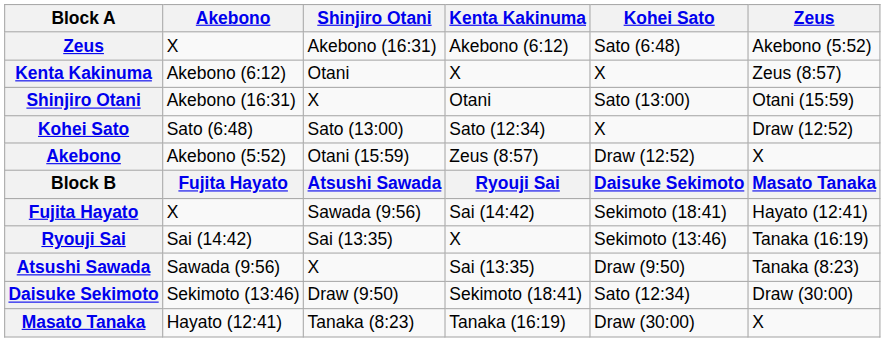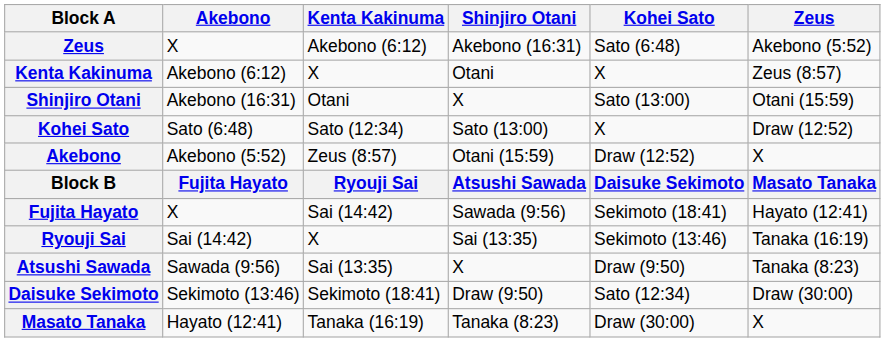 <table class="wikitable" style="margin: 1em auto 1em auto">
 <tr>
 <th>Block A</th>
 <th><a href='#'>Akebono</a></th>
+<th><a href='#'>Kenta Kakinuma</a></th>
 <th><a href='#'>Shinjiro Otani</a></th>
-<th><a href='#'>Kenta Kakinuma</a></th>
 <th><a href='#'>Kohei Sato</a></th>
 <th><a href='#'>Zeus</a></th>
 </tr>
 <tr>
 <th><a href='#'>Zeus</a></th>
 <td>X</td>
+<td>Akebono (6:12)</td>
 <td>Akebono (16:31)</td>
-<td>Akebono (6:12)</td>
 <td>Sato (6:48)</td>
 <td>Akebono (5:52)</td>
 </tr>
 <tr>
 <th><a href='#'>Kenta Kakinuma</a></th>
 <td>Akebono (6:12)</td>
+<td>X</td>
 <td>Otani</td>
-<td>X</td>
 <td>X</td>
 <td>Zeus (8:57)</td>
 </tr>
 <tr>
 <th><a href='#'>Shinjiro Otani</a></th>
 <td>Akebono (16:31)</td>
+<td>Otani</td>
 <td>X</td>
-<td>Otani</td>
 <td>Sato (13:00)</td>
 <td>Otani (15:59)</td>
 </tr>
 <tr>
 <th><a href='#'>Kohei Sato</a></th>
 <td>Sato (6:48)</td>
+<td>Sato (12:34)</td>
 <td>Sato (13:00)</td>
-<td>Sato (12:34)</td>
 <td>X</td>
 <td>Draw (12:52)</td>
 </tr>
 <tr>
 <th><a href='#'>Akebono</a></th>
 <td>Akebono (5:52)</td>
+<td>Zeus (8:57)</td>
 <td>Otani (15:59)</td>
-<td>Zeus (8:57)</td>
 <td>Draw (12:52)</td>
 <td>X</td>
 </tr>
 <tr>
 <th>Block B</th>
 <th><a href='#'>Fujita Hayato</a></th>
+<th><a href='#'>Ryouji Sai</a></th>
 <th><a href='#'>Atsushi Sawada</a></th>
-<th><a href='#'>Ryouji Sai</a></th>
 <th><a href='#'>Daisuke Sekimoto</a></th>
 <th><a href='#'>Masato Tanaka</a></th>
 </tr>
 <tr>
 <th><a href='#'>Fujita Hayato</a></th>
 <td>X</td>
+<td>Sai (14:42)</td>
 <td>Sawada (9:56)</td>
-<td>Sai (14:42)</td>
 <td>Sekimoto (18:41)</td>
 <td>Hayato (12:41)</td>
 </tr>
 <tr>
 <th><a href='#'>Ryouji Sai</a></th>
 <td>Sai (14:42)</td>
+<td>X</td>
 <td>Sai (13:35)</td>
-<td>X</td>
 <td>Sekimoto (13:46)</td>
 <td>Tanaka (16:19)</td>
 </tr>
 <tr>
 <th><a href='#'>Atsushi Sawada</a></th>
 <td>Sawada (9:56)</td>
+<td>Sai (13:35)</td>
 <td>X</td>
-<td>Sai (13:35)</td>
 <td>Draw (9:50)</td>
 <td>Tanaka (8:23)</td>
 </tr>
 <tr>
 <th><a href='#'>Daisuke Sekimoto</a></th>
 <td>Sekimoto (13:46)</td>
+<td>Sekimoto (18:41)</td>
 <td>Draw (9:50)</td>
-<td>Sekimoto (18:41)</td>
 <td>Sato (12:34)</td>
 <td>Draw (30:00)</td>
 </tr>
 <tr>
 <th><a href='#'>Masato Tanaka</a></th>
 <td>Hayato (12:41)</td>
+<td>Tanaka (16:19)</td>
 <td>Tanaka (8:23)</td>
-<td>Tanaka (16:19)</td>
 <td>Draw (30:00)</td>
 <td>X</td>
 </tr>
 </table>
